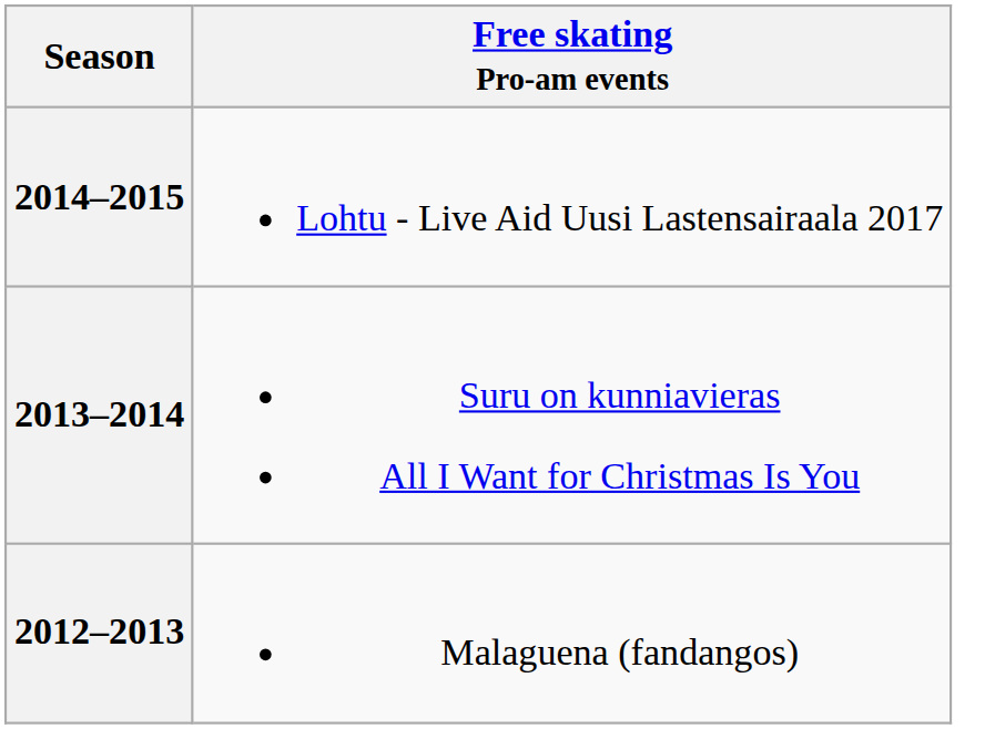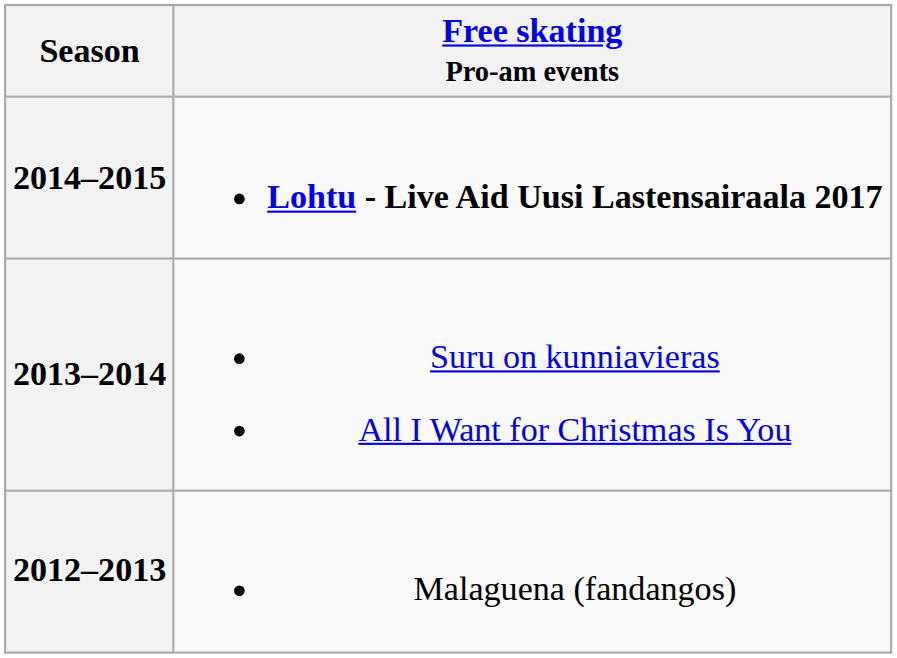 <table class="wikitable" style="text-align:center">
 <tr>
 <th>Season</th>
 <th><a href='#'>Free skating</a> <br> <small> Pro-am events </small></th>
 </tr>
 <tr>
 <th>2014–2015 <br></th>
-<td><br><ul><li><a href='#'>Lohtu</a> - Live Aid Uusi Lastensairaala 2017</li></ul></td>
+<td><strong><br><ul><li><a href='#'>Lohtu</a> - Live Aid Uusi Lastensairaala 2017</li></ul></strong></td>
 </tr>
 <tr>
 <th>2013–2014</th>
 <td><br><ul><li><a href='#'>Suru on kunniavieras</a> <br></li></ul><ul><li><a href='#'>All I Want for Christmas Is You</a> <br></li></ul></td>
 </tr>
 <tr>
 <th>2012–2013 <br></th>
 <td><br><ul><li>Malaguena (fandangos)</li></ul></td>
 </tr>
 </table>
